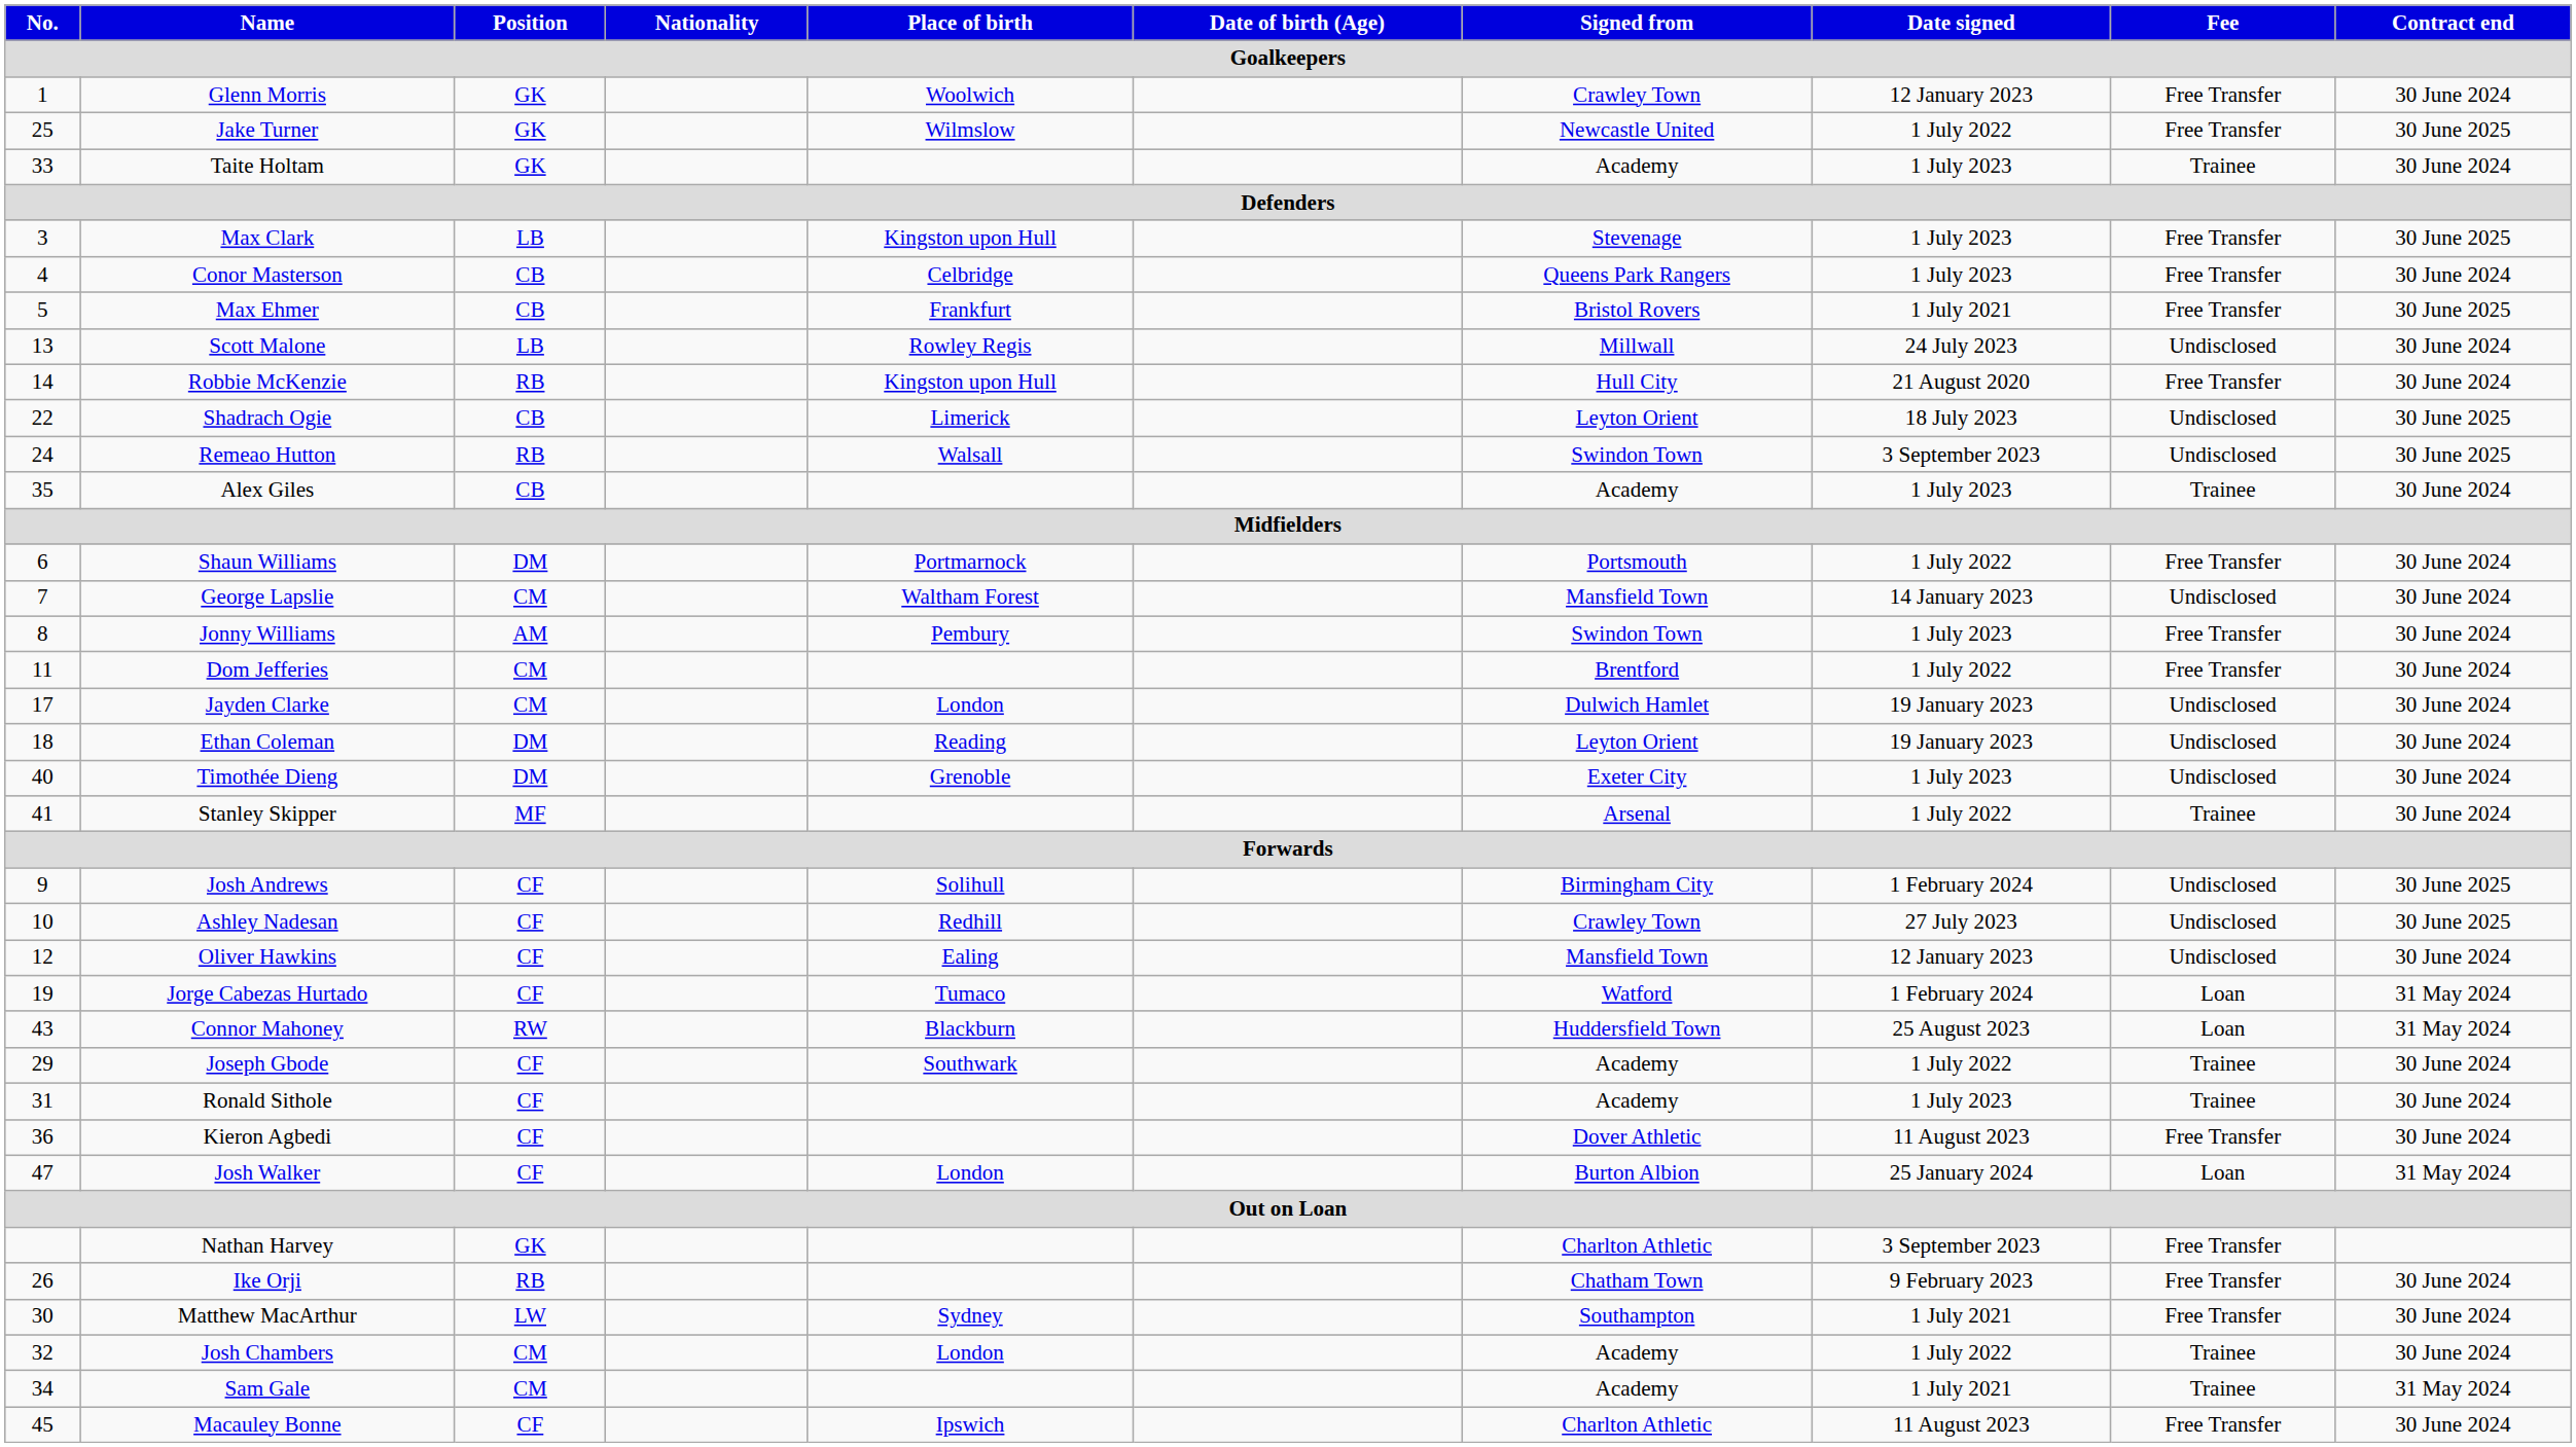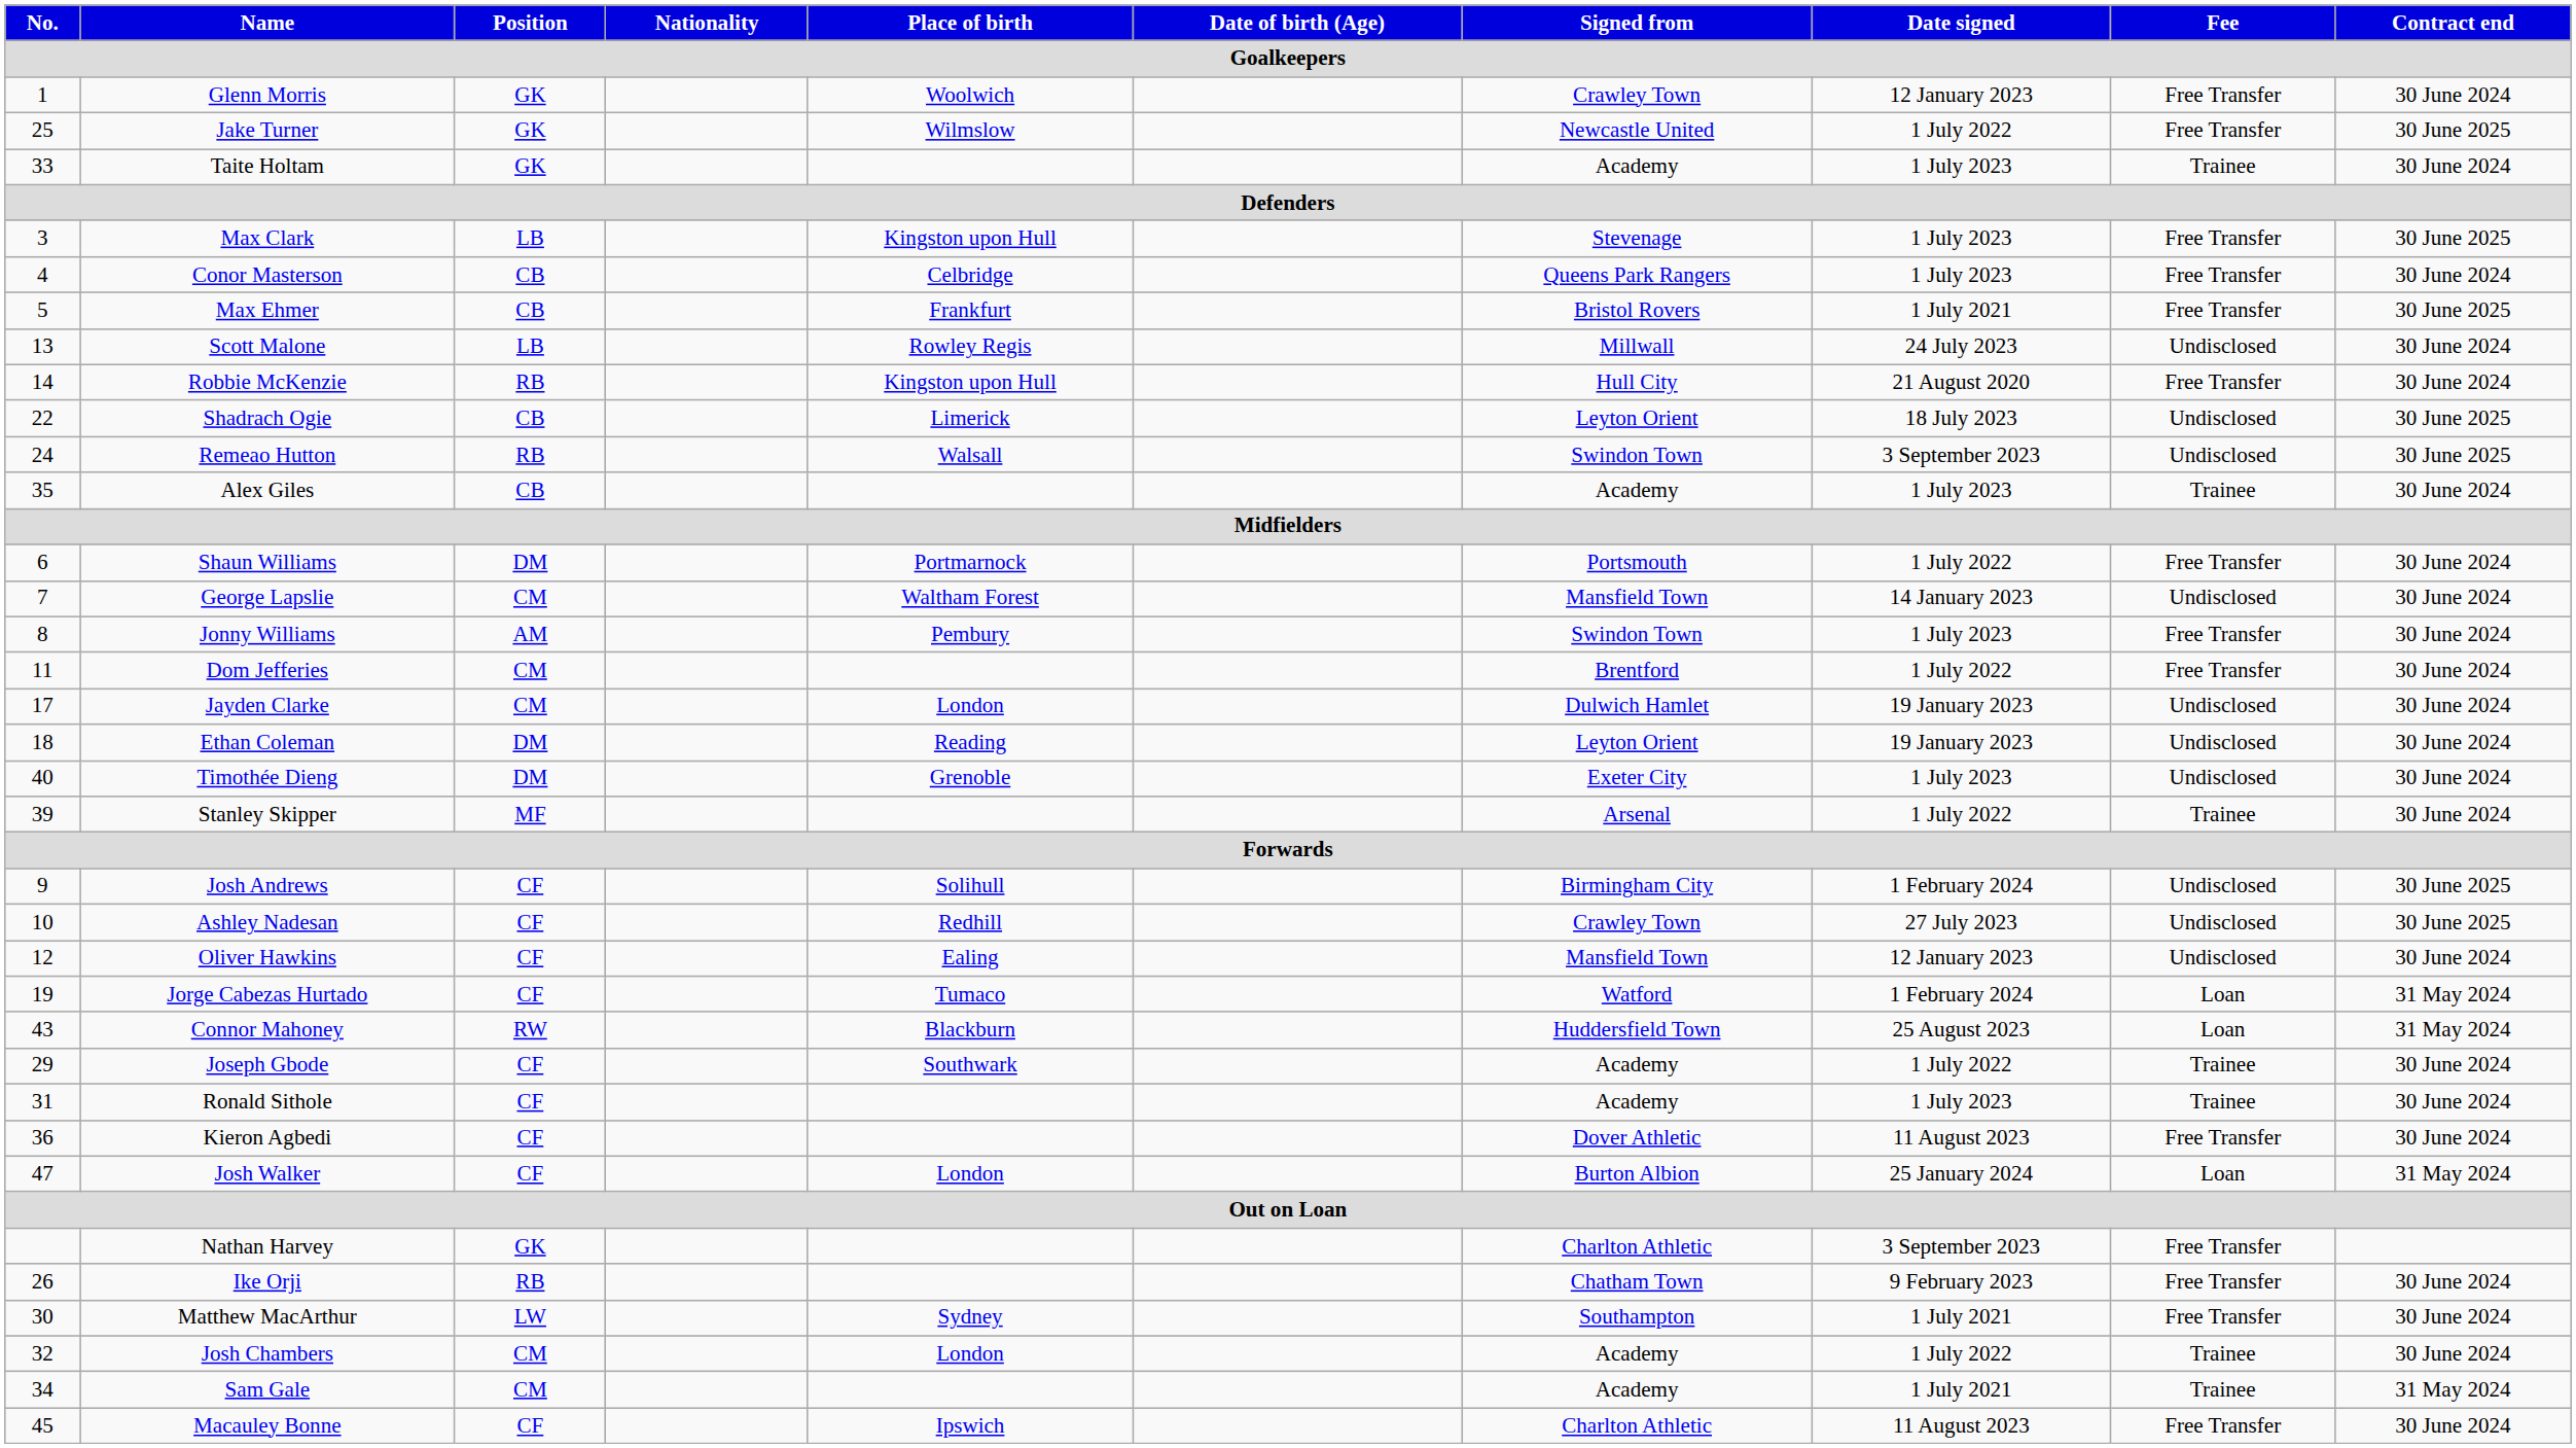 <table class="wikitable" style="text-align:center; font-size:84.5%; width:101%;">
 <tr>
 <th style="background:#0000dd;color:#fff; text-align:center;">No.</th>
 <th style="background:#0000dd;color:#fff; text-align:center;">Name</th>
 <th style="background:#0000dd;color:#fff; text-align:center;">Position</th>
 <th style="background:#0000dd;color:#fff; text-align:center;">Nationality</th>
 <th style="background:#0000dd;color:#fff; text-align:center;">Place of birth</th>
 <th style="background:#0000dd;color:#fff; text-align:center;">Date of birth (Age)</th>
 <th style="background:#0000dd;color:#fff; text-align:center;">Signed from</th>
 <th style="background:#0000dd;color:#fff; text-align:center;">Date signed</th>
 <th style="background:#0000dd;color:#fff; text-align:center;">Fee</th>
 <th style="background:#0000dd;color:#fff; text-align:center;">Contract end</th>
 </tr>
 <tr>
 <th colspan="14" style="background:#dcdcdc; tepxt-align:center;">Goalkeepers</th>
 </tr>
 <tr>
 <td>1</td>
 <td><a href='#'>Glenn Morris</a></td>
 <td><a href='#'>GK</a></td>
 <td></td>
 <td><a href='#'>Woolwich</a></td>
 <td></td>
 <td><a href='#'>Crawley Town</a></td>
 <td>12 January 2023</td>
 <td>Free Transfer</td>
 <td>30 June 2024</td>
 </tr>
 <tr>
 <td>25</td>
 <td><a href='#'>Jake Turner</a></td>
 <td><a href='#'>GK</a></td>
 <td></td>
 <td><a href='#'>Wilmslow</a></td>
 <td></td>
 <td><a href='#'>Newcastle United</a></td>
 <td>1 July 2022</td>
 <td>Free Transfer</td>
 <td>30 June 2025</td>
 </tr>
 <tr>
 <td>33</td>
 <td>Taite Holtam</td>
 <td><a href='#'>GK</a></td>
 <td></td>
 <td></td>
 <td></td>
 <td>Academy</td>
 <td>1 July 2023</td>
 <td>Trainee</td>
 <td>30 June 2024</td>
 </tr>
 <tr>
 <th colspan="14" style="background:#dcdcdc; tepxt-align:center;">Defenders</th>
 </tr>
 <tr>
 <td>3</td>
 <td><a href='#'>Max Clark</a></td>
 <td><a href='#'>LB</a></td>
 <td></td>
 <td><a href='#'>Kingston upon Hull</a></td>
 <td></td>
 <td><a href='#'>Stevenage</a></td>
 <td>1 July 2023</td>
 <td>Free Transfer</td>
 <td>30 June 2025</td>
 </tr>
 <tr>
 <td>4</td>
 <td><a href='#'>Conor Masterson</a></td>
 <td><a href='#'>CB</a></td>
 <td></td>
 <td><a href='#'>Celbridge</a></td>
 <td></td>
 <td><a href='#'>Queens Park Rangers</a></td>
 <td>1 July 2023</td>
 <td>Free Transfer</td>
 <td>30 June 2024</td>
 </tr>
 <tr>
 <td>5</td>
 <td><a href='#'>Max Ehmer</a></td>
 <td><a href='#'>CB</a></td>
 <td></td>
 <td><a href='#'>Frankfurt</a></td>
 <td></td>
 <td><a href='#'>Bristol Rovers</a></td>
 <td>1 July 2021</td>
 <td>Free Transfer</td>
 <td>30 June 2025</td>
 </tr>
 <tr>
 <td>13</td>
 <td><a href='#'>Scott Malone</a></td>
 <td><a href='#'>LB</a></td>
 <td></td>
 <td><a href='#'>Rowley Regis</a></td>
 <td></td>
 <td><a href='#'>Millwall</a></td>
 <td>24 July 2023</td>
 <td>Undisclosed</td>
 <td>30 June 2024</td>
 </tr>
 <tr>
 <td>14</td>
 <td><a href='#'>Robbie McKenzie</a></td>
 <td><a href='#'>RB</a></td>
 <td></td>
 <td><a href='#'>Kingston upon Hull</a></td>
 <td></td>
 <td><a href='#'>Hull City</a></td>
 <td>21 August 2020</td>
 <td>Free Transfer</td>
 <td>30 June 2024</td>
 </tr>
 <tr>
 <td>22</td>
 <td><a href='#'>Shadrach Ogie</a></td>
 <td><a href='#'>CB</a></td>
 <td></td>
 <td><a href='#'>Limerick</a></td>
 <td></td>
 <td><a href='#'>Leyton Orient</a></td>
 <td>18 July 2023</td>
 <td>Undisclosed</td>
 <td>30 June 2025</td>
 </tr>
 <tr>
 <td>24</td>
 <td><a href='#'>Remeao Hutton</a></td>
 <td><a href='#'>RB</a></td>
 <td></td>
 <td> <a href='#'>Walsall</a></td>
 <td></td>
 <td><a href='#'>Swindon Town</a></td>
 <td>3 September 2023</td>
 <td>Undisclosed</td>
 <td>30 June 2025</td>
 </tr>
 <tr>
 <td>35</td>
 <td>Alex Giles</td>
 <td><a href='#'>CB</a></td>
 <td></td>
 <td></td>
 <td></td>
 <td>Academy</td>
 <td>1 July 2023</td>
 <td>Trainee</td>
 <td>30 June 2024</td>
 </tr>
 <tr>
 <th colspan="14" style="background:#dcdcdc; tepxt-align:center;">Midfielders</th>
 </tr>
 <tr>
 <td>6</td>
 <td><a href='#'>Shaun Williams</a></td>
 <td><a href='#'>DM</a></td>
 <td></td>
 <td><a href='#'>Portmarnock</a></td>
 <td></td>
 <td><a href='#'>Portsmouth</a></td>
 <td>1 July 2022</td>
 <td>Free Transfer</td>
 <td>30 June 2024</td>
 </tr>
 <tr>
 <td>7</td>
 <td><a href='#'>George Lapslie</a></td>
 <td><a href='#'>CM</a></td>
 <td></td>
 <td><a href='#'>Waltham Forest</a></td>
 <td></td>
 <td><a href='#'>Mansfield Town</a></td>
 <td>14 January 2023</td>
 <td>Undisclosed</td>
 <td>30 June 2024</td>
 </tr>
 <tr>
 <td>8</td>
 <td><a href='#'>Jonny Williams</a></td>
 <td><a href='#'>AM</a></td>
 <td></td>
 <td><a href='#'>Pembury</a></td>
 <td></td>
 <td><a href='#'>Swindon Town</a></td>
 <td>1 July 2023</td>
 <td>Free Transfer</td>
 <td>30 June 2024</td>
 </tr>
 <tr>
 <td>11</td>
 <td><a href='#'>Dom Jefferies</a></td>
 <td><a href='#'>CM</a></td>
 <td></td>
 <td></td>
 <td></td>
 <td><a href='#'>Brentford</a></td>
 <td>1 July 2022</td>
 <td>Free Transfer</td>
 <td>30 June 2024</td>
 </tr>
 <tr>
 <td>17</td>
 <td><a href='#'>Jayden Clarke</a></td>
 <td><a href='#'>CM</a></td>
 <td></td>
 <td><a href='#'>London</a></td>
 <td></td>
 <td><a href='#'>Dulwich Hamlet</a></td>
 <td>19 January 2023</td>
 <td>Undisclosed</td>
 <td>30 June 2024</td>
 </tr>
 <tr>
 <td>18</td>
 <td><a href='#'>Ethan Coleman</a></td>
 <td><a href='#'>DM</a></td>
 <td></td>
 <td><a href='#'>Reading</a></td>
 <td></td>
 <td><a href='#'>Leyton Orient</a></td>
 <td>19 January 2023</td>
 <td>Undisclosed</td>
 <td>30 June 2024</td>
 </tr>
 <tr>
 <td>40</td>
 <td><a href='#'>Timothée Dieng</a></td>
 <td><a href='#'>DM</a></td>
 <td></td>
 <td><a href='#'>Grenoble</a></td>
 <td></td>
 <td><a href='#'>Exeter City</a></td>
 <td>1 July 2023</td>
 <td>Undisclosed</td>
 <td>30 June 2024</td>
 </tr>
 <tr>
-<td>41</td>
+<td>39</td>
 <td>Stanley Skipper</td>
 <td><a href='#'>MF</a></td>
 <td></td>
 <td></td>
 <td></td>
 <td><a href='#'>Arsenal</a></td>
 <td>1 July 2022</td>
 <td>Trainee</td>
 <td>30 June 2024</td>
 </tr>
 <tr>
 <th colspan="14" style="background:#dcdcdc; tepxt-align:center;">Forwards</th>
 </tr>
 <tr>
 <td>9</td>
 <td><a href='#'>Josh Andrews</a></td>
 <td><a href='#'>CF</a></td>
 <td></td>
 <td><a href='#'>Solihull</a></td>
 <td></td>
 <td><a href='#'>Birmingham City</a></td>
 <td>1 February 2024</td>
 <td>Undisclosed</td>
 <td>30 June 2025</td>
 </tr>
 <tr>
 <td>10</td>
 <td><a href='#'>Ashley Nadesan</a></td>
 <td><a href='#'>CF</a></td>
 <td></td>
 <td><a href='#'>Redhill</a></td>
 <td></td>
 <td><a href='#'>Crawley Town</a></td>
 <td>27 July 2023</td>
 <td>Undisclosed</td>
 <td>30 June 2025</td>
 </tr>
 <tr>
 <td>12</td>
 <td><a href='#'>Oliver Hawkins</a></td>
 <td><a href='#'>CF</a></td>
 <td></td>
 <td><a href='#'>Ealing</a></td>
 <td></td>
 <td><a href='#'>Mansfield Town</a></td>
 <td>12 January 2023</td>
 <td>Undisclosed</td>
 <td>30 June 2024</td>
 </tr>
 <tr>
 <td>19</td>
 <td><a href='#'>Jorge Cabezas Hurtado</a></td>
 <td><a href='#'>CF</a></td>
 <td></td>
 <td><a href='#'>Tumaco</a></td>
 <td></td>
 <td><a href='#'>Watford</a></td>
 <td>1 February 2024</td>
 <td>Loan</td>
 <td>31 May 2024</td>
 </tr>
 <tr>
 <td>43</td>
 <td><a href='#'>Connor Mahoney</a></td>
 <td><a href='#'>RW</a></td>
 <td></td>
 <td><a href='#'>Blackburn</a></td>
 <td></td>
 <td><a href='#'>Huddersfield Town</a></td>
 <td>25 August 2023</td>
 <td>Loan</td>
 <td>31 May 2024</td>
 </tr>
 <tr>
 <td>29</td>
 <td><a href='#'>Joseph Gbode</a></td>
 <td><a href='#'>CF</a></td>
 <td></td>
 <td><a href='#'>Southwark</a></td>
 <td></td>
 <td>Academy</td>
 <td>1 July 2022</td>
 <td>Trainee</td>
 <td>30 June 2024</td>
 </tr>
 <tr>
 <td>31</td>
 <td>Ronald Sithole</td>
 <td><a href='#'>CF</a></td>
 <td></td>
 <td></td>
 <td></td>
 <td>Academy</td>
 <td>1 July 2023</td>
 <td>Trainee</td>
 <td>30 June 2024</td>
 </tr>
 <tr>
 <td>36</td>
 <td>Kieron Agbedi</td>
 <td><a href='#'>CF</a></td>
 <td></td>
 <td></td>
 <td></td>
 <td><a href='#'>Dover Athletic</a></td>
 <td>11 August 2023</td>
 <td>Free Transfer</td>
 <td>30 June 2024</td>
 </tr>
 <tr>
 <td>47</td>
 <td><a href='#'>Josh Walker</a></td>
 <td><a href='#'>CF</a></td>
 <td></td>
 <td><a href='#'>London</a></td>
 <td></td>
 <td><a href='#'>Burton Albion</a></td>
 <td>25 January 2024</td>
 <td>Loan</td>
 <td>31 May 2024</td>
 </tr>
 <tr>
 <th colspan="14" style="background:#dcdcdc; tepxt-align:center;">Out on Loan</th>
 </tr>
 <tr>
 <td></td>
 <td>Nathan Harvey</td>
 <td><a href='#'>GK</a></td>
 <td></td>
 <td></td>
 <td></td>
 <td><a href='#'>Charlton Athletic</a></td>
 <td>3 September 2023</td>
 <td>Free Transfer</td>
 <td></td>
 </tr>
 <tr>
 <td>26</td>
 <td><a href='#'>Ike Orji</a></td>
 <td><a href='#'>RB</a></td>
 <td></td>
 <td></td>
 <td></td>
 <td><a href='#'>Chatham Town</a></td>
 <td>9 February 2023</td>
 <td>Free Transfer</td>
 <td>30 June 2024</td>
 </tr>
 <tr>
 <td>30</td>
 <td>Matthew MacArthur</td>
 <td><a href='#'>LW</a></td>
 <td></td>
 <td><a href='#'>Sydney</a></td>
 <td></td>
 <td><a href='#'>Southampton</a></td>
 <td>1 July 2021</td>
 <td>Free Transfer</td>
 <td>30 June 2024</td>
 </tr>
 <tr>
 <td>32</td>
 <td><a href='#'>Josh Chambers</a></td>
 <td><a href='#'>CM</a></td>
 <td></td>
 <td><a href='#'>London</a></td>
 <td></td>
 <td>Academy</td>
 <td>1 July 2022</td>
 <td>Trainee</td>
 <td>30 June 2024</td>
 </tr>
 <tr>
 <td>34</td>
 <td><a href='#'>Sam Gale</a></td>
 <td><a href='#'>CM</a></td>
 <td></td>
 <td></td>
 <td></td>
 <td>Academy</td>
 <td>1 July 2021</td>
 <td>Trainee</td>
 <td>31 May 2024</td>
 </tr>
 <tr>
 <td>45</td>
 <td><a href='#'>Macauley Bonne</a></td>
 <td><a href='#'>CF</a></td>
 <td></td>
 <td> <a href='#'>Ipswich</a></td>
 <td></td>
 <td><a href='#'>Charlton Athletic</a></td>
 <td>11 August 2023</td>
 <td>Free Transfer</td>
 <td>30 June 2024</td>
 </tr>
 </table>
